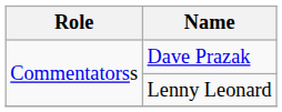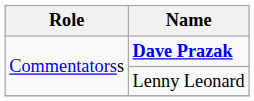 <table class=wikitable style="font-size:90%; margin: 0.5em 0 0.5em 1em; float: right; clear: right;">
 <tr>
 <th>Role</th>
 <th>Name</th>
 </tr>
 <tr>
 <td rowspan=2><a href='#'>Commentators</a>s</td>
-<td><a href='#'>Dave Prazak</a></td>
+<td><strong><a href='#'>Dave Prazak</a></strong></td>
 </tr>
 <tr>
 <td>Lenny Leonard</td>
 </tr>
 <tr>
 </tr>
 </table>
